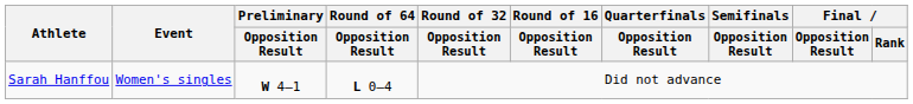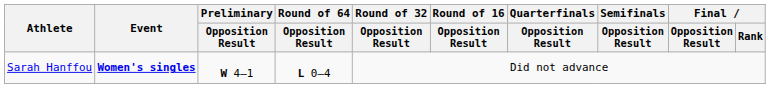 <table class=wikitable style=font-size:90%;text-align:center>
 <tr>
 <th rowspan=2>Athlete</th>
 <th rowspan=2>Event</th>
 <th>Preliminary</th>
 <th>Round of 64</th>
 <th>Round of 32</th>
 <th>Round of 16</th>
 <th>Quarterfinals</th>
 <th>Semifinals</th>
 <th colspan=2>Final / </th>
 </tr>
 <tr style="font-size:95%">
 <th>Opposition<br>Result</th>
 <th>Opposition<br>Result</th>
 <th>Opposition<br>Result</th>
 <th>Opposition<br>Result</th>
 <th>Opposition<br>Result</th>
 <th>Opposition<br>Result</th>
 <th>Opposition<br>Result</th>
 <th>Rank</th>
 </tr>
 <tr>
 <td align=left><a href='#'>Sarah Hanffou</a></td>
-<td align=left><a href='#'>Women's singles</a></td>
+<td align=left><strong><a href='#'>Women's singles</a></strong></td>
 <td><br><strong>W</strong> 4–1</td>
 <td><br><strong>L</strong> 0–4</td>
 <td colspan=6>Did not advance</td>
 </tr>
 </table>
